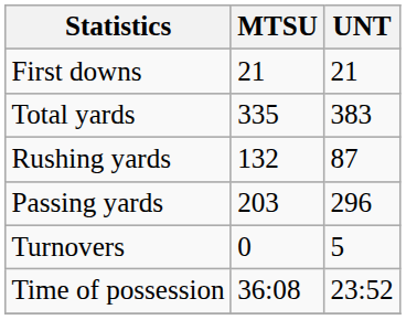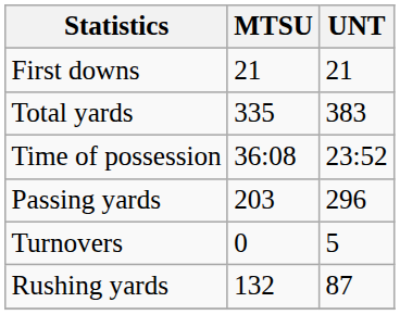 <table class="wikitable">
 <tr>
 <th>Statistics</th>
 <th>MTSU</th>
 <th>UNT</th>
 </tr>
 <tr>
 <td>First downs</td>
 <td>21</td>
 <td>21</td>
 </tr>
 <tr>
 <td>Total yards</td>
 <td>335</td>
 <td>383</td>
 </tr>
 <tr>
-<td>Rushing yards</td>
-<td>132</td>
-<td>87</td>
+<td>Time of possession</td>
+<td>36:08</td>
+<td>23:52</td>
 </tr>
 <tr>
 <td>Passing yards</td>
 <td>203</td>
 <td>296</td>
 </tr>
 <tr>
 <td>Turnovers</td>
 <td>0</td>
 <td>5</td>
 </tr>
 <tr>
-<td>Time of possession</td>
-<td>36:08</td>
-<td>23:52</td>
+<td>Rushing yards</td>
+<td>132</td>
+<td>87</td>
 </tr>
 <tr>
 </tr>
 </table>
